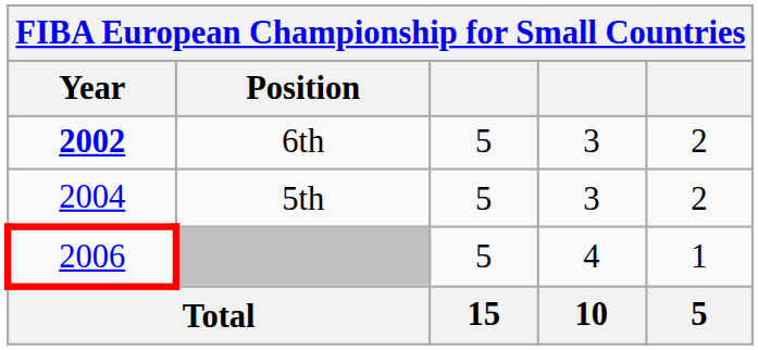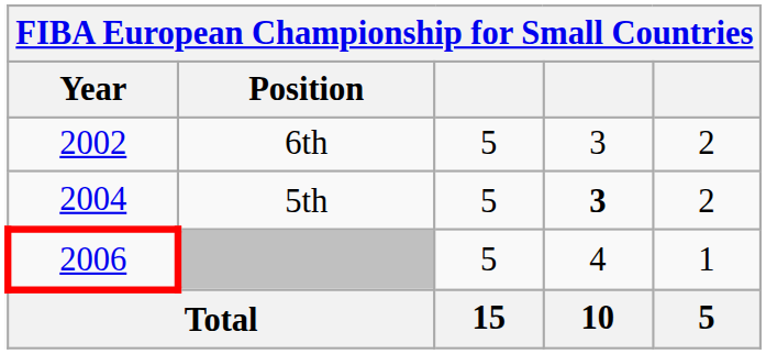 <table class="wikitable" style="text-align: center;font-size:90%;">
 <tr>
 <th colspan=5><a href='#'>FIBA European Championship for Small Countries</a></th>
 </tr>
 <tr>
 <th>Year</th>
 <th>Position</th>
 <th width=40></th>
 <th width=40></th>
 <th width=40></th>
 </tr>
 <tr>
-<td><strong> <a href='#'>2002</a></strong></td>
+<td> <a href='#'>2002</a></td>
 <td>6th</td>
 <td>5</td>
 <td>3</td>
 <td>2</td>
 </tr>
 <tr>
 <td> <a href='#'>2004</a></td>
 <td>5th</td>
 <td>5</td>
-<td>3</td>
+<td><strong>3</strong></td>
 <td>2</td>
 </tr>
 <tr>
 <td style="border: 3px solid red"> <a href='#'>2006</a></td>
 <td bgcolor=silver></td>
 <td>5</td>
 <td>4</td>
 <td>1</td>
 </tr>
 <tr>
 <th colspan=2>Total</th>
 <th>15</th>
 <th>10</th>
 <th>5</th>
 </tr>
 </table>
